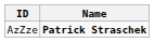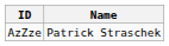 <table class="wikitable">
 <tr>
 <th>ID</th>
 <th>Name</th>
 </tr>
 <tr>
 <td>AzZze</td>
-<td><strong>Patrick Straschek</strong></td>
+<td>Patrick Straschek</td>
 </tr>
 </table>
